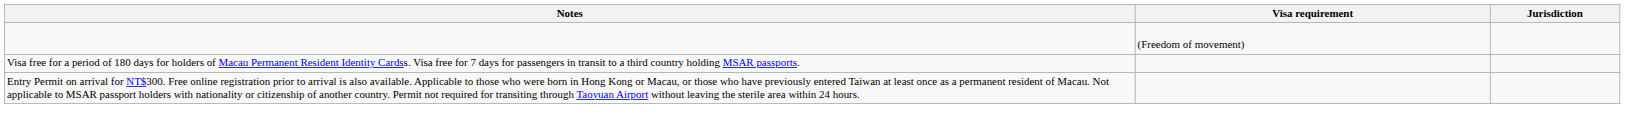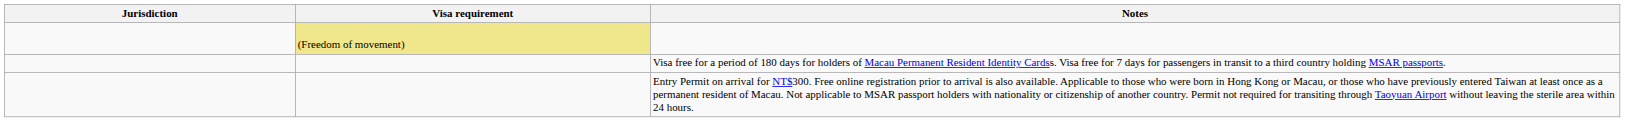 <table class="wikitable" style="text-align: left; font-size: smaller; table-layout: fixed; ">
 <tr>
+<th style="width:18%;">Jurisdiction</th>
+<th style="width:22%;">Visa requirement</th>
 <th>Notes</th>
-<th style="width:22%;">Visa requirement</th>
-<th style="width:18%;">Jurisdiction</th>
+</tr>
+<tr>
+<td style="white-space: nowrap;"></td>
+<td style="background: khaki;"><br>(Freedom of movement)</td>
+<td></td>
 </tr>
 <tr>
 <td></td>
-<td><br>(Freedom of movement)</td>
-<td style="white-space: nowrap;"></td>
+<td></td>
+<td style="width: 70%;">Visa free for a period of 180 days for holders of <a href='#'>Macau Permanent Resident Identity Cards</a>s. Visa free for 7 days for passengers in transit to a third country holding <a href='#'>MSAR passports</a>.</td>
 </tr>
 <tr>
-<td style="width: 70%;">Visa free for a period of 180 days for holders of <a href='#'>Macau Permanent Resident Identity Cards</a>s. Visa free for 7 days for passengers in transit to a third country holding <a href='#'>MSAR passports</a>.</td>
 <td></td>
 <td></td>
-</tr>
-<tr>
 <td>Entry Permit on arrival for <a href='#'>NT$</a>300. Free online registration prior to arrival is also available. Applicable to those who were born in Hong Kong or Macau, or those who have previously entered Taiwan at least once as a permanent resident of Macau. Not applicable to MSAR passport holders with nationality or citizenship of another country. Permit not required for transiting through <a href='#'>Taoyuan Airport</a> without leaving the sterile area within 24 hours.</td>
-<td></td>
-<td></td>
 </tr>
 </table>
